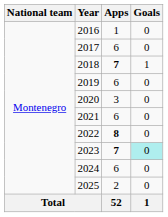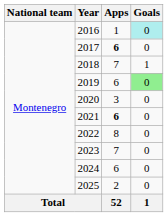 <table class="wikitable" style="text-align:center">
 <tr>
 <th>National team</th>
 <th>Year</th>
 <th>Apps</th>
 <th>Goals</th>
 </tr>
 <tr>
 <td rowspan="10"><a href='#'>Montenegro</a></td>
 <td>2016</td>
 <td>1</td>
-<td>0</td>
+<td style="background: paleturquoise;">0</td>
 </tr>
 <tr>
 <td>2017</td>
-<td>6</td>
+<td><strong>6</strong></td>
 <td>0</td>
 </tr>
 <tr>
 <td>2018</td>
-<td><strong>7</strong></td>
+<td>7</td>
 <td>1</td>
 </tr>
 <tr>
 <td>2019</td>
 <td>6</td>
-<td>0</td>
+<td style="background: lightgreen;">0</td>
 </tr>
 <tr>
 <td>2020</td>
 <td>3</td>
 <td>0</td>
 </tr>
 <tr>
 <td>2021</td>
-<td>6</td>
+<td><strong>6</strong></td>
 <td>0</td>
 </tr>
 <tr>
 <td>2022</td>
-<td><strong>8</strong></td>
+<td>8</td>
 <td>0</td>
 </tr>
 <tr>
 <td>2023</td>
-<td><strong>7</strong></td>
-<td style="background: paleturquoise;">0</td>
+<td>7</td>
+<td>0</td>
 </tr>
 <tr>
 <td>2024</td>
 <td>6</td>
 <td>0</td>
 </tr>
 <tr>
 <td>2025</td>
 <td>2</td>
 <td>0</td>
 </tr>
 <tr>
 <th colspan="2">Total</th>
 <th>52</th>
 <th>1</th>
 </tr>
 </table>
